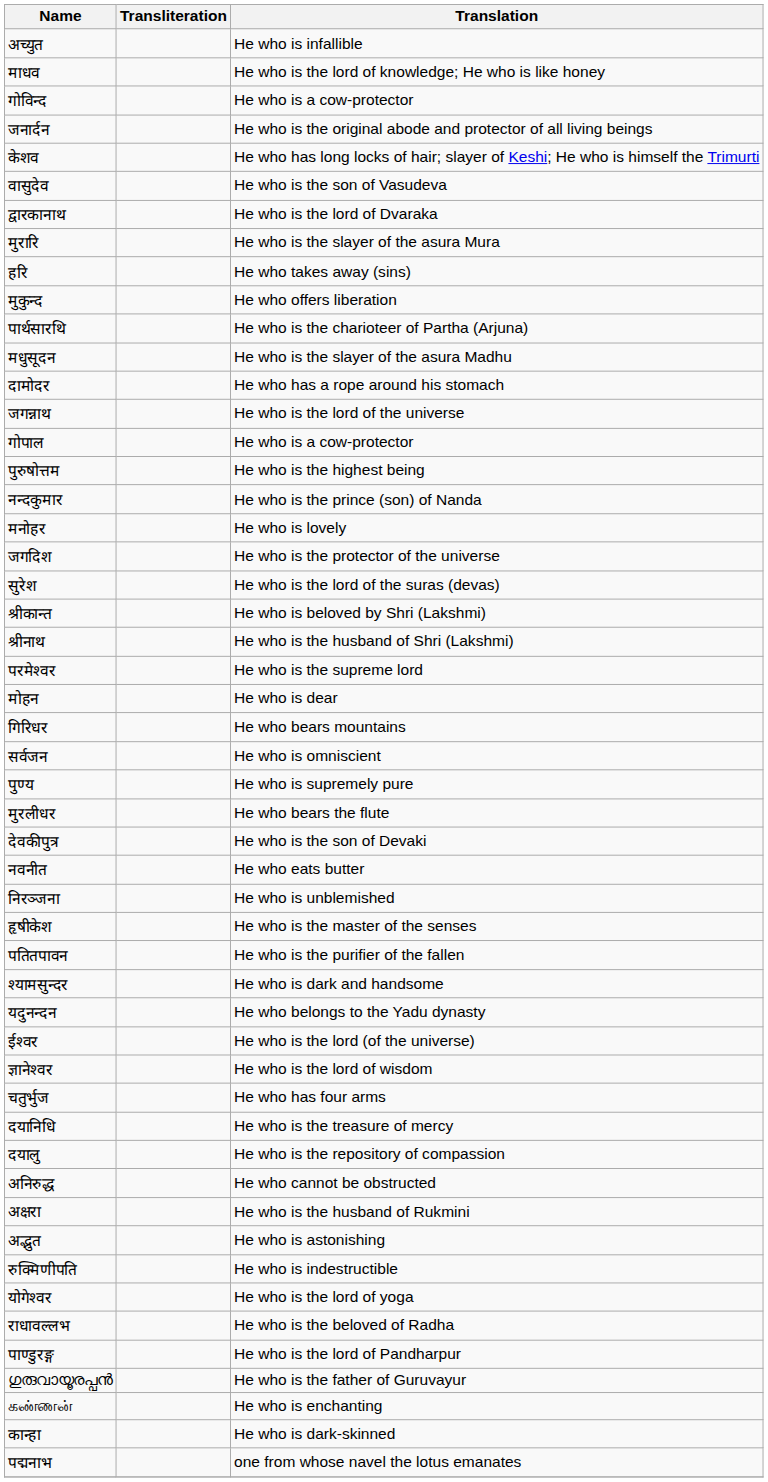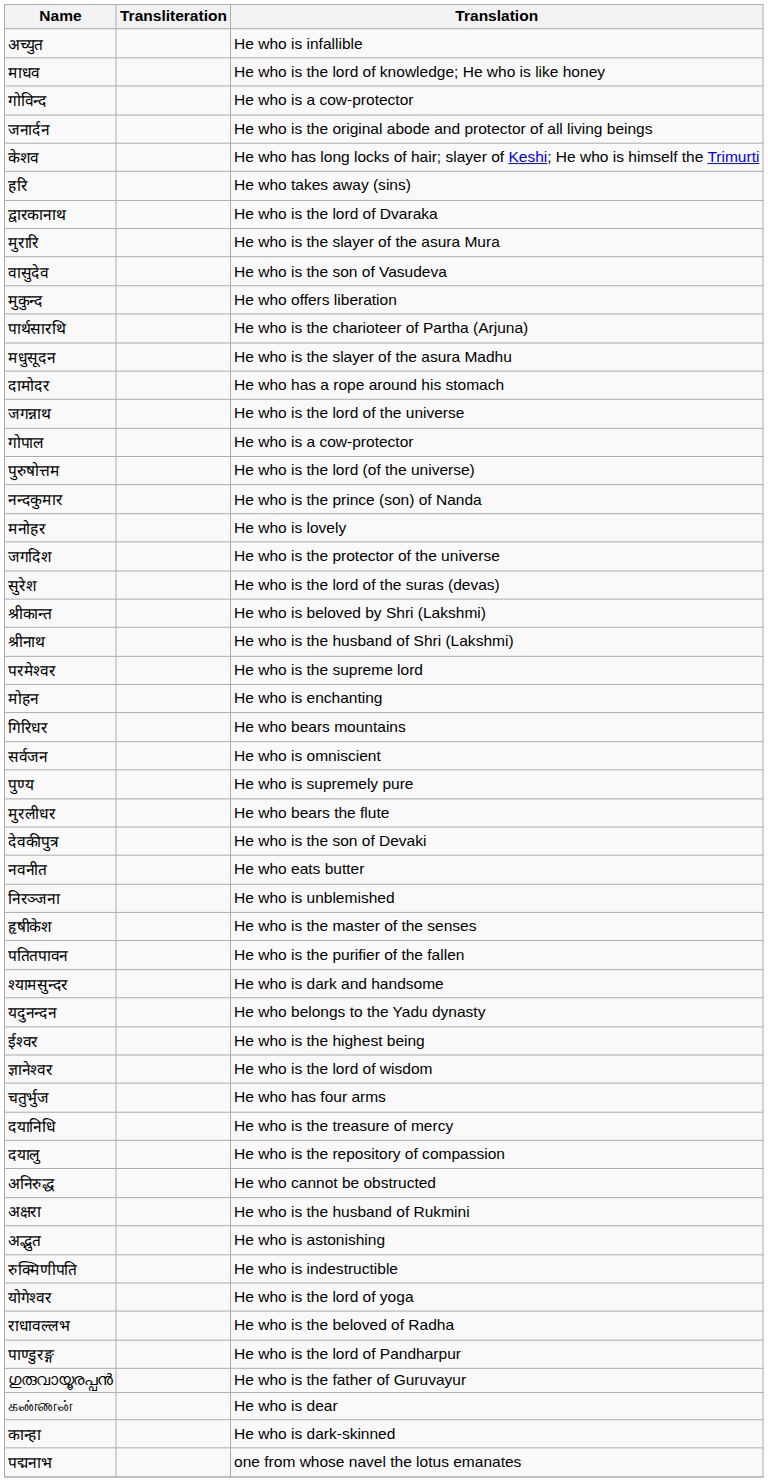 <table class="wikitable sortable">
 <tr>
 <th>Name</th>
 <th>Transliteration</th>
 <th>Translation</th>
 </tr>
 <tr>
 <td>अच्युत</td>
 <td></td>
 <td>He who is infallible</td>
 </tr>
 <tr>
 <td>माधव</td>
 <td></td>
 <td>He who is the lord of knowledge; He who is like honey</td>
 </tr>
 <tr>
 <td>गोविन्द</td>
 <td></td>
 <td>He who is a cow-protector</td>
 </tr>
 <tr>
 <td>जनार्दन</td>
 <td></td>
 <td>He who is the original abode and protector of all living beings</td>
 </tr>
 <tr>
 <td>केशव</td>
 <td></td>
 <td>He who has long locks of hair; slayer of <a href='#'>Keshi</a>; He who is himself the <a href='#'>Trimurti</a></td>
 </tr>
 <tr>
-<td>वासुदेव</td>
+<td>हरि</td>
 <td></td>
-<td>He who is the son of Vasudeva</td>
+<td>He who takes away (sins)</td>
 </tr>
 <tr>
 <td>द्वारकानाथ</td>
 <td></td>
 <td>He who is the lord of Dvaraka</td>
 </tr>
 <tr>
 <td>मुरारि</td>
 <td></td>
 <td>He who is the slayer of the asura Mura</td>
 </tr>
 <tr>
-<td>हरि</td>
+<td>वासुदेव</td>
 <td></td>
-<td>He who takes away (sins)</td>
+<td>He who is the son of Vasudeva</td>
 </tr>
 <tr>
 <td>मुकुन्द</td>
 <td></td>
 <td>He who offers liberation</td>
 </tr>
 <tr>
 <td>पार्थसारथि</td>
 <td></td>
 <td>He who is the charioteer of Partha (Arjuna)</td>
 </tr>
 <tr>
 <td>मधुसूदन</td>
 <td></td>
 <td>He who is the slayer of the asura Madhu</td>
 </tr>
 <tr>
 <td>दामोदर</td>
 <td></td>
 <td>He who has a rope around his stomach</td>
 </tr>
 <tr>
 <td>जगन्नाथ</td>
 <td></td>
 <td>He who is the lord of the universe</td>
 </tr>
 <tr>
 <td>गोपाल</td>
 <td></td>
 <td>He who is a cow-protector</td>
 </tr>
 <tr>
 <td>पुरुषोत्तम</td>
 <td></td>
-<td>He who is the highest being</td>
+<td>He who is the lord (of the universe)</td>
 </tr>
 <tr>
 <td>नन्दकुमार</td>
 <td></td>
 <td>He who is the prince (son) of Nanda</td>
 </tr>
 <tr>
 <td>मनोहर</td>
 <td></td>
 <td>He who is lovely</td>
 </tr>
 <tr>
 <td>जगदिश</td>
 <td></td>
 <td>He who is the protector of the universe</td>
 </tr>
 <tr>
 <td>सुरेश</td>
 <td></td>
 <td>He who is the lord of the suras (devas)</td>
 </tr>
 <tr>
 <td>श्रीकान्त</td>
 <td></td>
 <td>He who is beloved by Shri (Lakshmi)</td>
 </tr>
 <tr>
 <td>श्रीनाथ</td>
 <td></td>
 <td>He who is the husband of Shri (Lakshmi)</td>
 </tr>
 <tr>
 <td>परमेश्वर</td>
 <td></td>
 <td>He who is the supreme lord</td>
 </tr>
 <tr>
 <td>मोहन</td>
 <td></td>
-<td>He who is dear</td>
+<td>He who is enchanting</td>
 </tr>
 <tr>
 <td>गिरिधर</td>
 <td></td>
 <td>He who bears mountains</td>
 </tr>
 <tr>
 <td>सर्वजन</td>
 <td></td>
 <td>He who is omniscient</td>
 </tr>
 <tr>
 <td>पुण्य</td>
 <td></td>
 <td>He who is supremely pure</td>
 </tr>
 <tr>
 <td>मुरलीधर</td>
 <td></td>
 <td>He who bears the flute</td>
 </tr>
 <tr>
 <td>देवकीपुत्र</td>
 <td></td>
 <td>He who is the son of Devaki</td>
 </tr>
 <tr>
 <td>नवनीत</td>
 <td></td>
 <td>He who eats butter</td>
 </tr>
 <tr>
 <td>निरञ्जना</td>
 <td></td>
 <td>He who is unblemished</td>
 </tr>
 <tr>
 <td>हृषीकेश</td>
 <td></td>
 <td>He who is the master of the senses</td>
 </tr>
 <tr>
 <td>पतितपावन</td>
 <td></td>
 <td>He who is the purifier of the fallen</td>
 </tr>
 <tr>
 <td>श्यामसुन्दर</td>
 <td></td>
 <td>He who is dark and handsome</td>
 </tr>
 <tr>
 <td>यदुनन्दन</td>
 <td></td>
 <td>He who belongs to the Yadu dynasty</td>
 </tr>
 <tr>
 <td>ईश्वर</td>
 <td></td>
-<td>He who is the lord (of the universe)</td>
+<td>He who is the highest being</td>
 </tr>
 <tr>
 <td>ज्ञानेश्‍वर</td>
 <td></td>
 <td>He who is the lord of wisdom</td>
 </tr>
 <tr>
 <td>चतुर्भुज</td>
 <td></td>
 <td>He who has four arms</td>
 </tr>
 <tr>
 <td>दयानिधि</td>
 <td></td>
 <td>He who is the treasure of mercy</td>
 </tr>
 <tr>
 <td>दयालु</td>
 <td></td>
 <td>He who is the repository of compassion</td>
 </tr>
 <tr>
 <td>अनिरुद्ध</td>
 <td></td>
 <td>He who cannot be obstructed</td>
 </tr>
 <tr>
 <td>अक्षरा</td>
 <td></td>
 <td>He who is the husband of Rukmini</td>
 </tr>
 <tr>
 <td>अद्भुत</td>
 <td></td>
 <td>He who is astonishing</td>
 </tr>
 <tr>
 <td>रुक्मिणीपति</td>
 <td></td>
 <td>He who is indestructible</td>
 </tr>
 <tr>
 <td>योगेश्वर</td>
 <td></td>
 <td>He who is the lord of yoga</td>
 </tr>
 <tr>
 <td>राधावल्लभ</td>
 <td></td>
 <td>He who is the beloved of Radha</td>
 </tr>
 <tr>
 <td>पाण्डुरङ्ग</td>
 <td></td>
 <td>He who is the lord of Pandharpur</td>
 </tr>
 <tr>
 <td>ഗുരുവായൂരപ്പൻ</td>
 <td></td>
 <td>He who is the father of Guruvayur</td>
 </tr>
 <tr>
 <td>கண்ணன்</td>
 <td></td>
-<td>He who is enchanting</td>
+<td>He who is dear</td>
 </tr>
 <tr>
 <td>कान्हा</td>
 <td></td>
 <td>He who is dark-skinned</td>
 </tr>
 <tr>
 <td>पद्मनाभ</td>
 <td></td>
 <td>one from whose navel the lotus emanates</td>
 </tr>
 <tr>
 </tr>
 </table>
